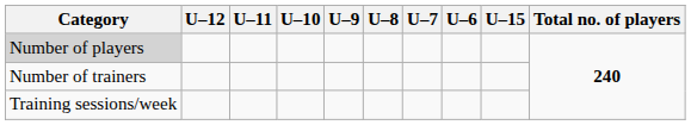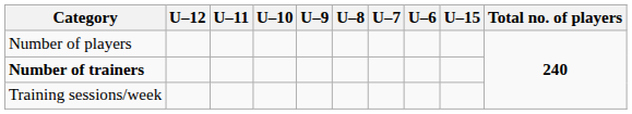 <table class="wikitable sortable">
 <tr>
 <th>Category</th>
 <th>U–12</th>
 <th>U–11</th>
 <th>U–10</th>
 <th>U–9</th>
 <th>U–8</th>
 <th>U–7</th>
 <th>U–6</th>
 <th>U–15</th>
 <th>Total no. of players</th>
 </tr>
 <tr>
-<td style="background: lightgrey;">Number of players</td>
+<td>Number of players</td>
 <td></td>
 <td></td>
 <td></td>
 <td></td>
 <td></td>
 <td></td>
 <td></td>
 <td></td>
 <td rowspan="3" style="text-align:center;"><strong>240</strong></td>
 </tr>
 <tr>
-<td>Number of trainers</td>
+<td><strong>Number of trainers</strong></td>
 <td></td>
 <td></td>
 <td></td>
 <td></td>
 <td></td>
 <td></td>
 <td></td>
 <td></td>
 </tr>
 <tr>
 <td>Training sessions/week</td>
 <td></td>
 <td></td>
 <td></td>
 <td></td>
 <td></td>
 <td></td>
 <td></td>
 <td></td>
 </tr>
 </table>
